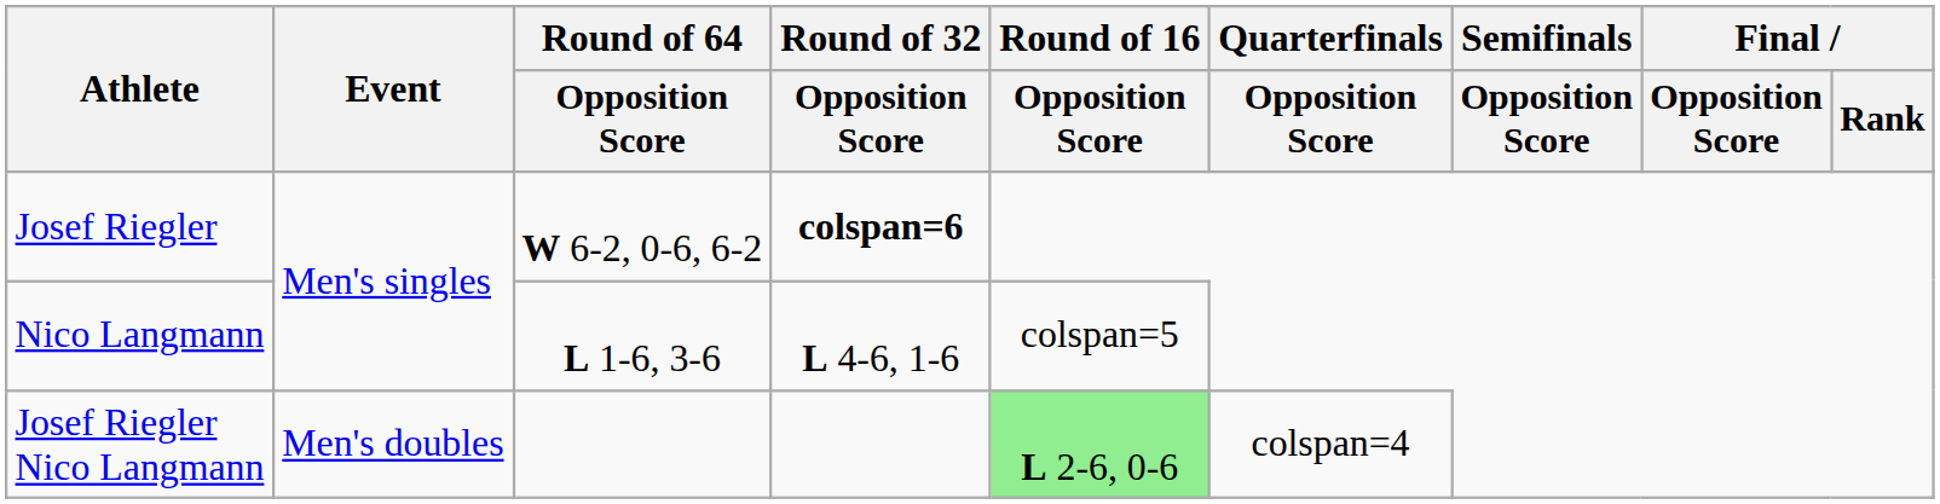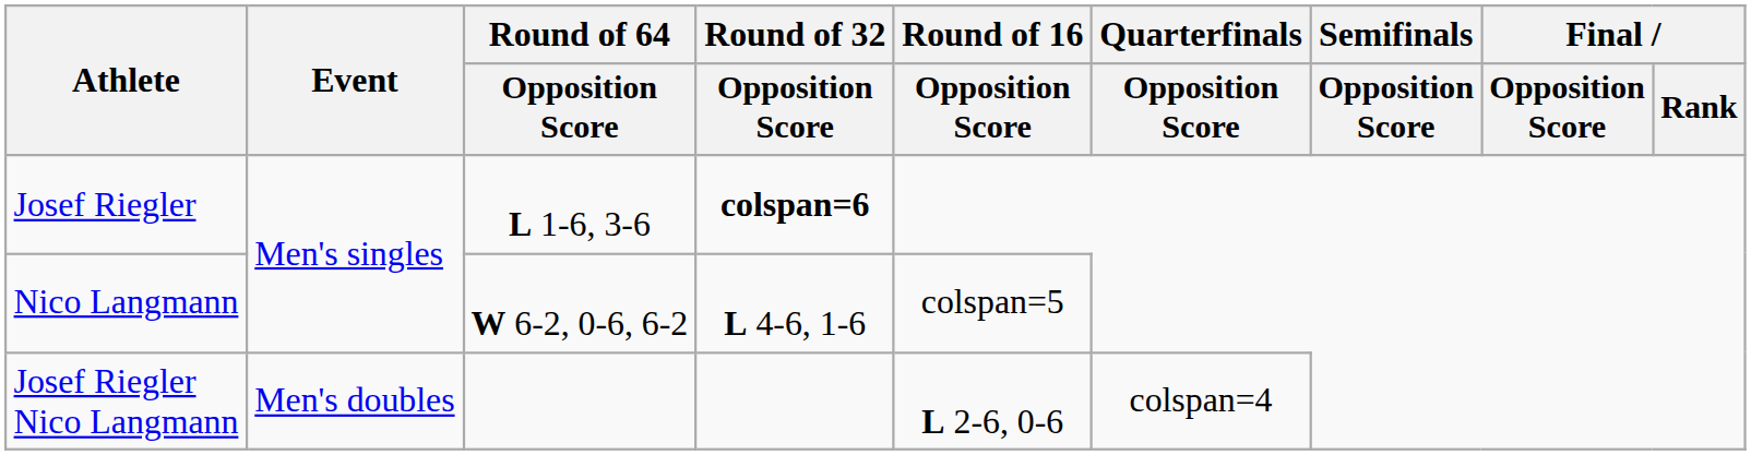 <table class=wikitable style="font-size:90%">
 <tr>
 <th rowspan="2">Athlete</th>
 <th rowspan="2">Event</th>
 <th>Round of 64</th>
 <th>Round of 32</th>
 <th>Round of 16</th>
 <th>Quarterfinals</th>
 <th>Semifinals</th>
 <th colspan=2>Final / </th>
 </tr>
 <tr style="font-size:95%">
 <th>Opposition<br>Score</th>
 <th>Opposition<br>Score</th>
 <th>Opposition<br>Score</th>
 <th>Opposition<br>Score</th>
 <th>Opposition<br>Score</th>
 <th>Opposition<br>Score</th>
 <th>Rank</th>
 </tr>
 <tr align=center>
 <td align=left><a href='#'>Josef Riegler</a></td>
 <td align=left rowspan=2><a href='#'>Men's singles</a></td>
-<td><br><strong>W</strong> 6-2, 0-6,  6-2</td>
+<td><br><strong>L</strong> 1-6, 3-6</td>
 <td><strong>colspan=6 </strong></td>
 </tr>
 <tr align=center>
 <td align=left><a href='#'>Nico Langmann</a></td>
-<td><br><strong>L</strong> 1-6, 3-6</td>
+<td><br><strong>W</strong> 6-2, 0-6,  6-2</td>
 <td><br><strong>L</strong> 4-6, 1-6</td>
 <td>colspan=5 </td>
 </tr>
 <tr align=center>
 <td align=left><a href='#'>Josef Riegler</a><br><a href='#'>Nico Langmann</a></td>
 <td align=left><a href='#'>Men's doubles</a></td>
 <td></td>
 <td></td>
-<td style="background: lightgreen;"><br><strong>L</strong> 2-6, 0-6</td>
+<td><br><strong>L</strong> 2-6, 0-6</td>
 <td>colspan=4 </td>
 </tr>
 </table>
